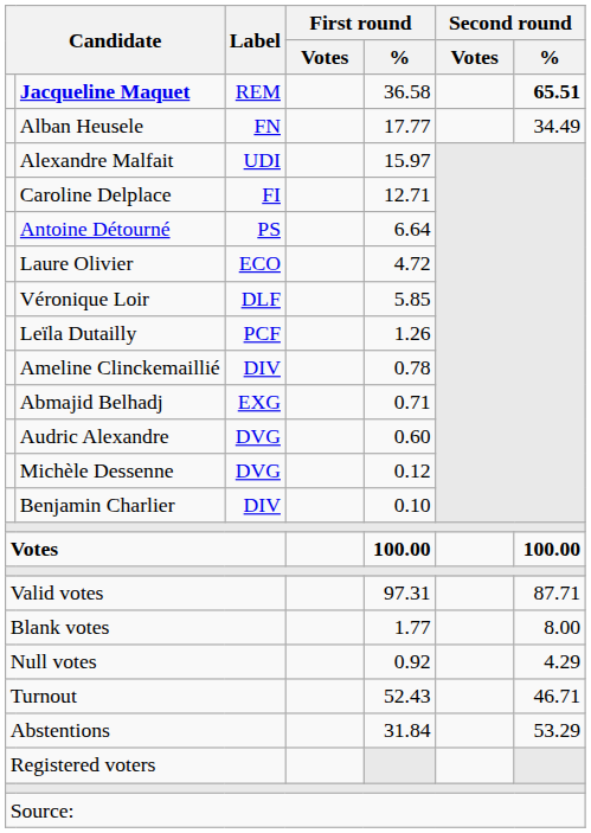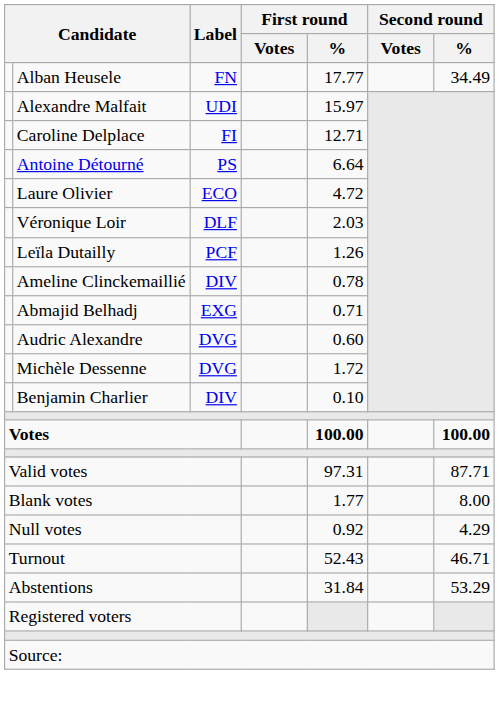 <table class="wikitable" style="text-align:right;font-size:95%;">
 <tr>
 <th rowspan="2" colspan="2">Candidate</th>
 <th rowspan="2">Label</th>
 <th colspan="2">First round</th>
 <th colspan="2">Second round</th>
 </tr>
 <tr>
 <th style="width:50px;">Votes</th>
 <th style="width:45px;">%</th>
 <th style="width:50px;">Votes</th>
 <th style="width:45px;">%</th>
-</tr>
-<tr>
-<td style="color:inherit;background:"></td>
-<td style="text-align:left;"><strong><a href='#'>Jacqueline Maquet</a></strong></td>
-<td><a href='#'>REM</a></td>
-<td></td>
-<td>36.58</td>
-<td><strong></strong></td>
-<td><strong>65.51</strong></td>
 </tr>
 <tr>
 <td style="color:inherit;background:"></td>
 <td style="text-align:left;">Alban Heusele</td>
 <td><a href='#'>FN</a></td>
 <td></td>
 <td>17.77</td>
 <td></td>
 <td>34.49</td>
 </tr>
 <tr>
 <td style="color:inherit;background:"></td>
 <td style="text-align:left;">Alexandre Malfait</td>
 <td><a href='#'>UDI</a></td>
 <td></td>
 <td>15.97</td>
 <td colspan="2" rowspan="11" style="background:#E9E9E9;"></td>
 </tr>
 <tr>
 <td style="color:inherit;background:"></td>
 <td style="text-align:left;">Caroline Delplace</td>
 <td><a href='#'>FI</a></td>
 <td></td>
 <td>12.71</td>
 </tr>
 <tr>
 <td style="color:inherit;background:"></td>
 <td style="text-align:left;"><a href='#'>Antoine Détourné</a></td>
 <td><a href='#'>PS</a></td>
 <td></td>
 <td>6.64</td>
 </tr>
 <tr>
 <td style="color:inherit;background:"></td>
 <td style="text-align:left;">Laure Olivier</td>
 <td><a href='#'>ECO</a></td>
 <td></td>
 <td>4.72</td>
 </tr>
 <tr>
 <td style="color:inherit;background:"></td>
 <td style="text-align:left;">Véronique Loir</td>
 <td><a href='#'>DLF</a></td>
 <td></td>
-<td>5.85</td>
+<td>2.03</td>
 </tr>
 <tr>
 <td style="color:inherit;background:"></td>
 <td style="text-align:left;">Leïla Dutailly</td>
 <td><a href='#'>PCF</a></td>
 <td></td>
 <td>1.26</td>
 </tr>
 <tr>
 <td style="color:inherit;background:"></td>
 <td style="text-align:left;">Ameline Clinckemaillié</td>
 <td><a href='#'>DIV</a></td>
 <td></td>
 <td>0.78</td>
 </tr>
 <tr>
 <td style="color:inherit;background:"></td>
 <td style="text-align:left;">Abmajid Belhadj</td>
 <td><a href='#'>EXG</a></td>
 <td></td>
 <td>0.71</td>
 </tr>
 <tr>
 <td style="color:inherit;background:"></td>
 <td style="text-align:left;">Audric Alexandre</td>
 <td><a href='#'>DVG</a></td>
 <td></td>
 <td>0.60</td>
 </tr>
 <tr>
 <td style="color:inherit;background:"></td>
 <td style="text-align:left;">Michèle Dessenne</td>
 <td><a href='#'>DVG</a></td>
 <td></td>
-<td>0.12</td>
+<td>1.72</td>
 </tr>
 <tr>
 <td style="color:inherit;background:"></td>
 <td style="text-align:left;">Benjamin Charlier</td>
 <td><a href='#'>DIV</a></td>
 <td></td>
 <td>0.10</td>
 </tr>
 <tr>
 <td colspan="7" style="background:#E9E9E9;"></td>
 </tr>
 <tr style="font-weight:bold;">
 <td colspan="3" style="text-align:left;">Votes</td>
 <td></td>
 <td>100.00</td>
 <td></td>
 <td>100.00</td>
 </tr>
 <tr>
 <td colspan="7" style="background:#E9E9E9;"></td>
 </tr>
 <tr>
 <td colspan="3" style="text-align:left;">Valid votes</td>
 <td></td>
 <td>97.31</td>
 <td></td>
 <td>87.71</td>
 </tr>
 <tr>
 <td colspan="3" style="text-align:left;">Blank votes</td>
 <td></td>
 <td>1.77</td>
 <td></td>
 <td>8.00</td>
 </tr>
 <tr>
 <td colspan="3" style="text-align:left;">Null votes</td>
 <td></td>
 <td>0.92</td>
 <td></td>
 <td>4.29</td>
 </tr>
 <tr>
 <td colspan="3" style="text-align:left;">Turnout</td>
 <td></td>
 <td>52.43</td>
 <td></td>
 <td>46.71</td>
 </tr>
 <tr>
 <td colspan="3" style="text-align:left;">Abstentions</td>
 <td></td>
 <td>31.84</td>
 <td></td>
 <td>53.29</td>
 </tr>
 <tr>
 <td colspan="3" style="text-align:left;">Registered voters</td>
 <td></td>
 <td style="background:#E9E9E9;"></td>
 <td></td>
 <td style="background:#E9E9E9;"></td>
 </tr>
 <tr>
 <td colspan="7" style="background:#E9E9E9;"></td>
 </tr>
 <tr>
 <td colspan="7" style="text-align:left;">Source: </td>
 </tr>
 </table>
